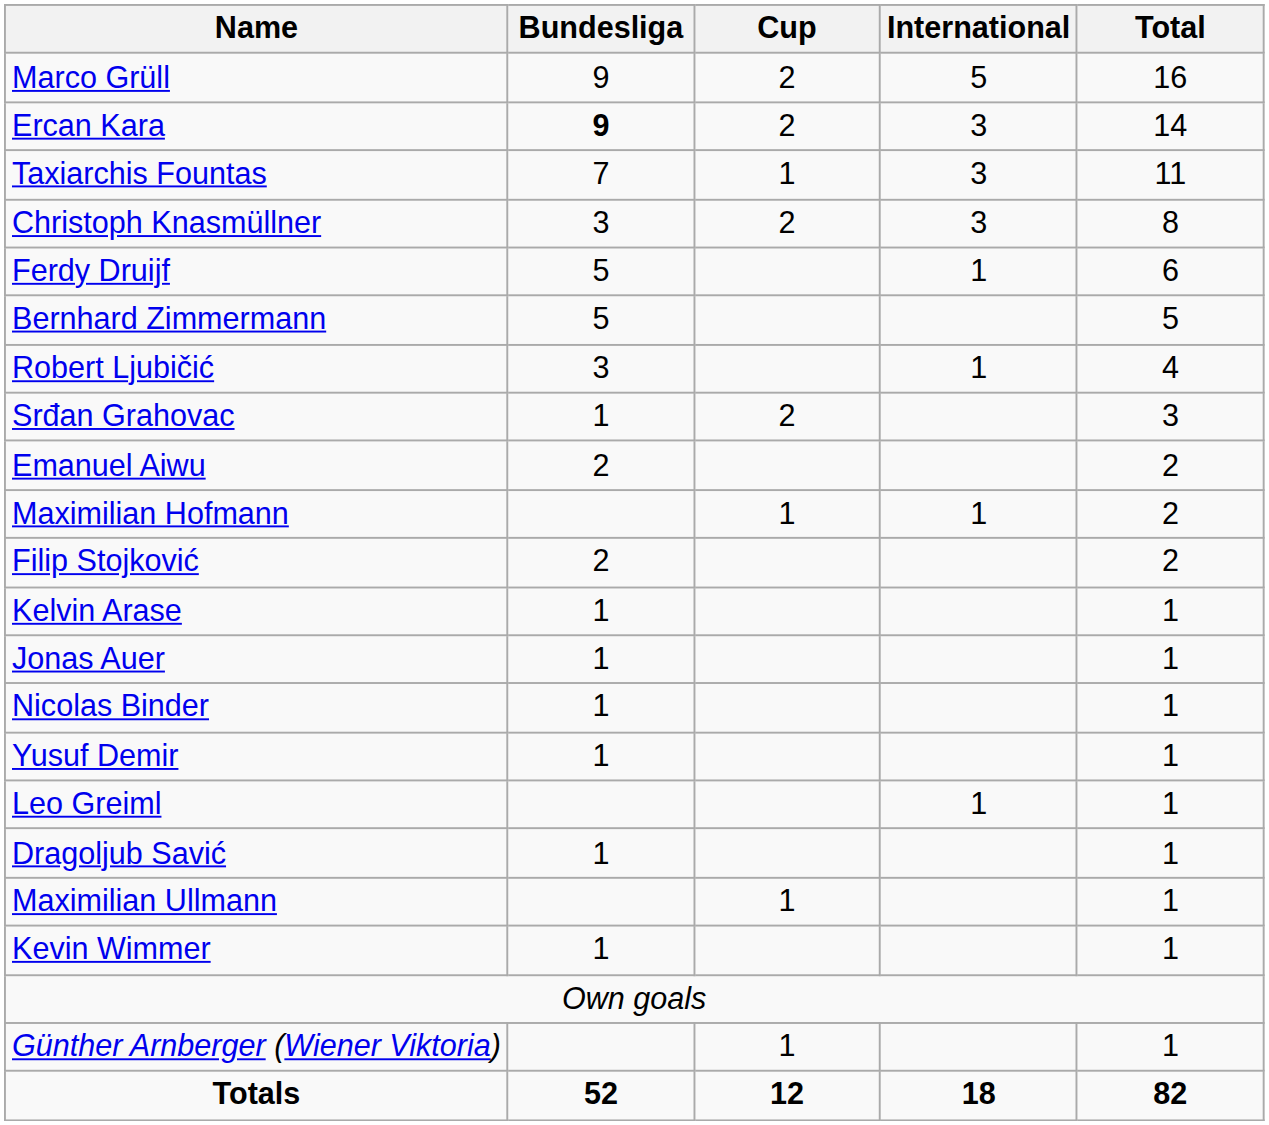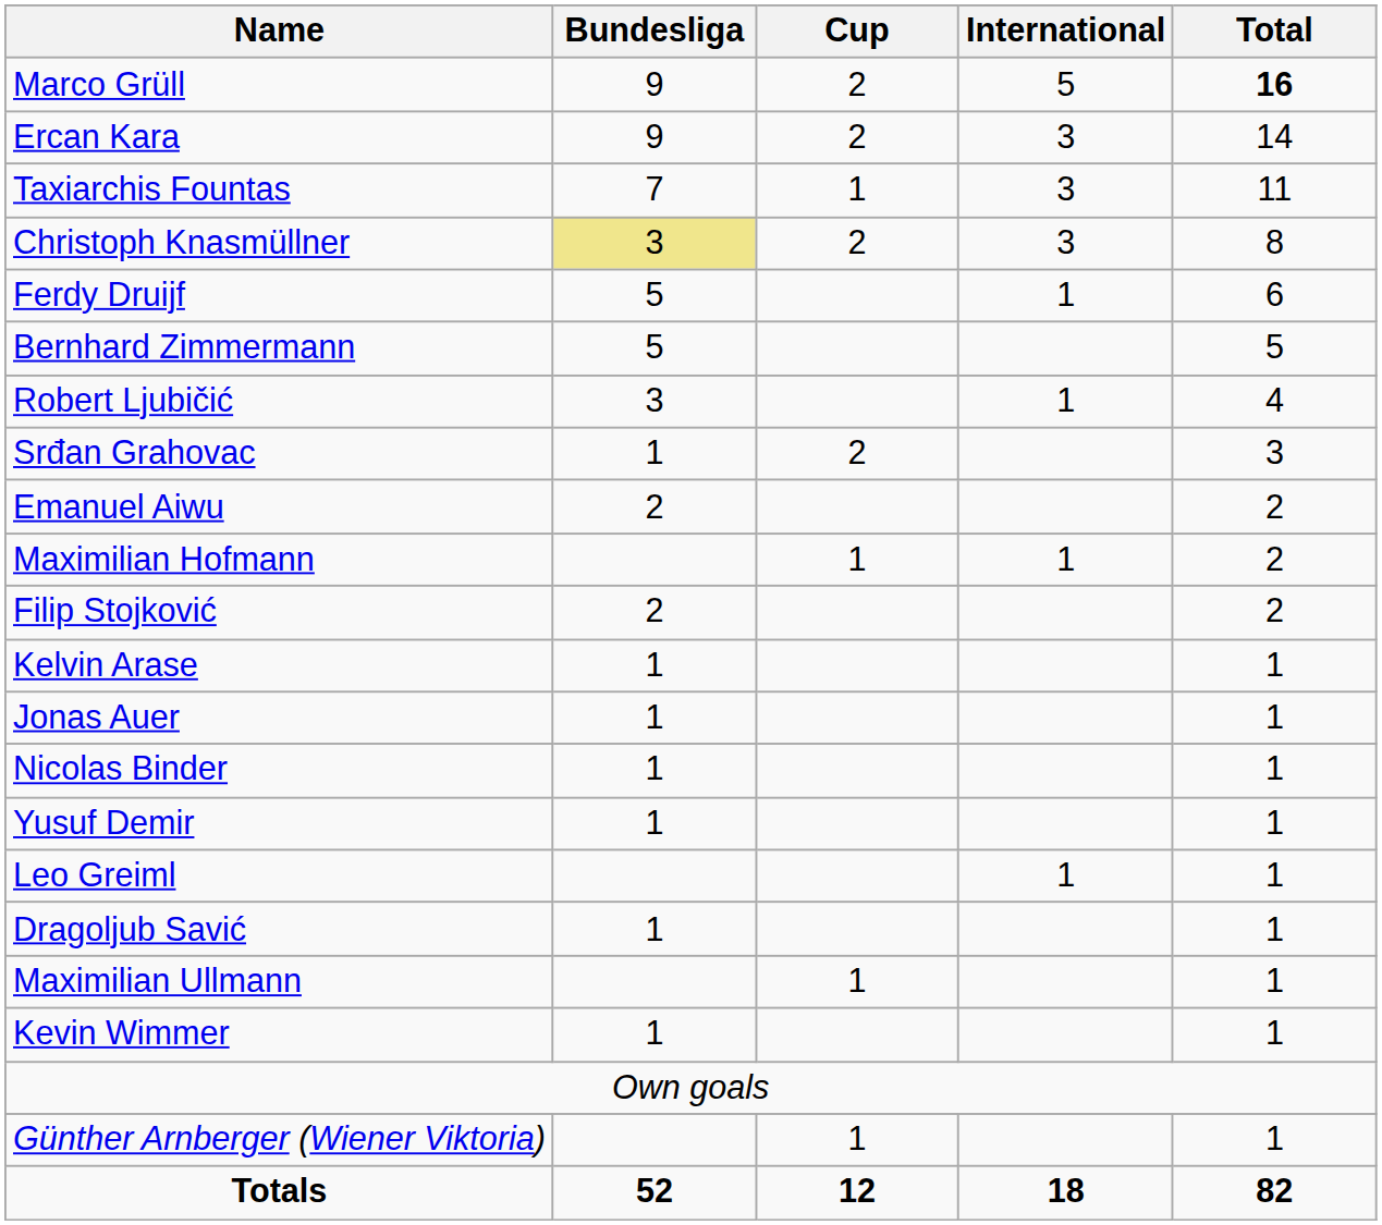 <table class="wikitable sortable" style="text-align: center;">
 <tr>
 <th class="unsortable">Name</th>
 <th width=90>Bundesliga</th>
 <th width=90>Cup</th>
 <th width=90>International</th>
 <th width=90>Total</th>
 </tr>
 <tr>
 <td align="left"> <a href='#'>Marco Grüll</a></td>
 <td>9</td>
 <td>2</td>
 <td>5</td>
-<td>16</td>
+<td><strong>16</strong></td>
 </tr>
 <tr>
 <td align="left"> <a href='#'>Ercan Kara</a></td>
-<td><strong>9</strong></td>
+<td>9</td>
 <td>2</td>
 <td>3</td>
 <td>14</td>
 </tr>
 <tr>
 <td align="left"> <a href='#'>Taxiarchis Fountas</a></td>
 <td>7</td>
 <td>1</td>
 <td>3</td>
 <td>11</td>
 </tr>
 <tr>
 <td align="left"> <a href='#'>Christoph Knasmüllner</a></td>
-<td>3</td>
+<td style="background: khaki;">3</td>
 <td>2</td>
 <td>3</td>
 <td>8</td>
 </tr>
 <tr>
 <td align="left"> <a href='#'>Ferdy Druijf</a></td>
 <td>5</td>
 <td></td>
 <td>1</td>
 <td>6</td>
 </tr>
 <tr>
 <td align="left"> <a href='#'>Bernhard Zimmermann</a></td>
 <td>5</td>
 <td></td>
 <td></td>
 <td>5</td>
 </tr>
 <tr>
 <td align="left"> <a href='#'>Robert Ljubičić</a></td>
 <td>3</td>
 <td></td>
 <td>1</td>
 <td>4</td>
 </tr>
 <tr>
 <td align="left"> <a href='#'>Srđan Grahovac</a></td>
 <td>1</td>
 <td>2</td>
 <td></td>
 <td>3</td>
 </tr>
 <tr>
 <td align="left"> <a href='#'>Emanuel Aiwu</a></td>
 <td>2</td>
 <td></td>
 <td></td>
 <td>2</td>
 </tr>
 <tr>
 <td align="left"> <a href='#'>Maximilian Hofmann</a></td>
 <td></td>
 <td>1</td>
 <td>1</td>
 <td>2</td>
 </tr>
 <tr>
 <td align="left"> <a href='#'>Filip Stojković</a></td>
 <td>2</td>
 <td></td>
 <td></td>
 <td>2</td>
 </tr>
 <tr>
 <td align="left"> <a href='#'>Kelvin Arase</a></td>
 <td>1</td>
 <td></td>
 <td></td>
 <td>1</td>
 </tr>
 <tr>
 <td align="left"> <a href='#'>Jonas Auer</a></td>
 <td>1</td>
 <td></td>
 <td></td>
 <td>1</td>
 </tr>
 <tr>
 <td align="left"> <a href='#'>Nicolas Binder</a></td>
 <td>1</td>
 <td></td>
 <td></td>
 <td>1</td>
 </tr>
 <tr>
 <td align="left"> <a href='#'>Yusuf Demir</a></td>
 <td>1</td>
 <td></td>
 <td></td>
 <td>1</td>
 </tr>
 <tr>
 <td align="left"> <a href='#'>Leo Greiml</a></td>
 <td></td>
 <td></td>
 <td>1</td>
 <td>1</td>
 </tr>
 <tr>
 <td align="left"> <a href='#'>Dragoljub Savić</a></td>
 <td>1</td>
 <td></td>
 <td></td>
 <td>1</td>
 </tr>
 <tr>
 <td align="left"> <a href='#'>Maximilian Ullmann</a></td>
 <td></td>
 <td>1</td>
 <td></td>
 <td>1</td>
 </tr>
 <tr>
 <td align="left"> <a href='#'>Kevin Wimmer</a></td>
 <td>1</td>
 <td></td>
 <td></td>
 <td>1</td>
 </tr>
 <tr>
 <td colspan="5"><em>Own goals</em></td>
 </tr>
 <tr class="sortbottom">
 <td align="left"> <em><a href='#'>Günther Arnberger</a> (<a href='#'>Wiener Viktoria</a>)</em></td>
 <td></td>
 <td>1</td>
 <td></td>
 <td>1</td>
 </tr>
 <tr class="sortbottom">
 <td><strong>Totals</strong></td>
 <td><strong>52</strong></td>
 <td><strong>12</strong></td>
 <td><strong>18</strong></td>
 <td><strong>82</strong></td>
 </tr>
 </table>
